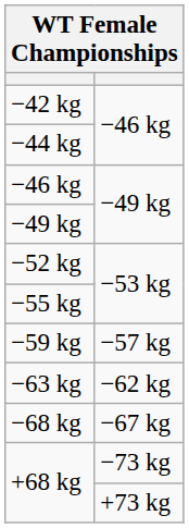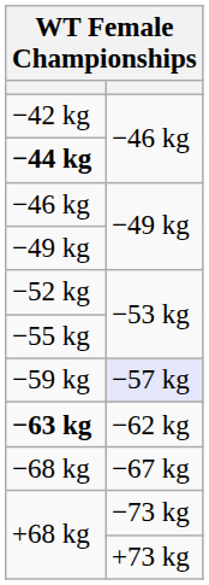 <table class="wikitable" style="float:left; margin-right:1.4em;">
 <tr>
 <th colspan=2>WT Female<br>Championships</th>
 </tr>
 <tr>
 <th></th>
 <th></th>
 </tr>
 <tr>
 <td>−42 kg</td>
 <td rowspan=2>−46 kg</td>
 </tr>
 <tr>
-<td>−44 kg</td>
+<td><strong>−44 kg</strong></td>
 </tr>
 <tr>
 <td>−46 kg</td>
 <td rowspan=2>−49 kg</td>
 </tr>
 <tr>
 <td>−49 kg</td>
 </tr>
 <tr>
 <td>−52 kg</td>
 <td rowspan=2>−53 kg</td>
 </tr>
 <tr>
 <td>−55 kg</td>
 </tr>
 <tr>
 <td>−59 kg</td>
-<td>−57 kg</td>
+<td style="background: lavender;">−57 kg</td>
 </tr>
 <tr>
-<td>−63 kg</td>
+<td><strong>−63 kg</strong></td>
 <td>−62 kg</td>
 </tr>
 <tr>
 <td>−68 kg</td>
 <td>−67 kg</td>
 </tr>
 <tr>
 <td rowspan=2>+68 kg</td>
 <td>−73 kg</td>
 </tr>
 <tr>
 <td>+73 kg</td>
 </tr>
 </table>
